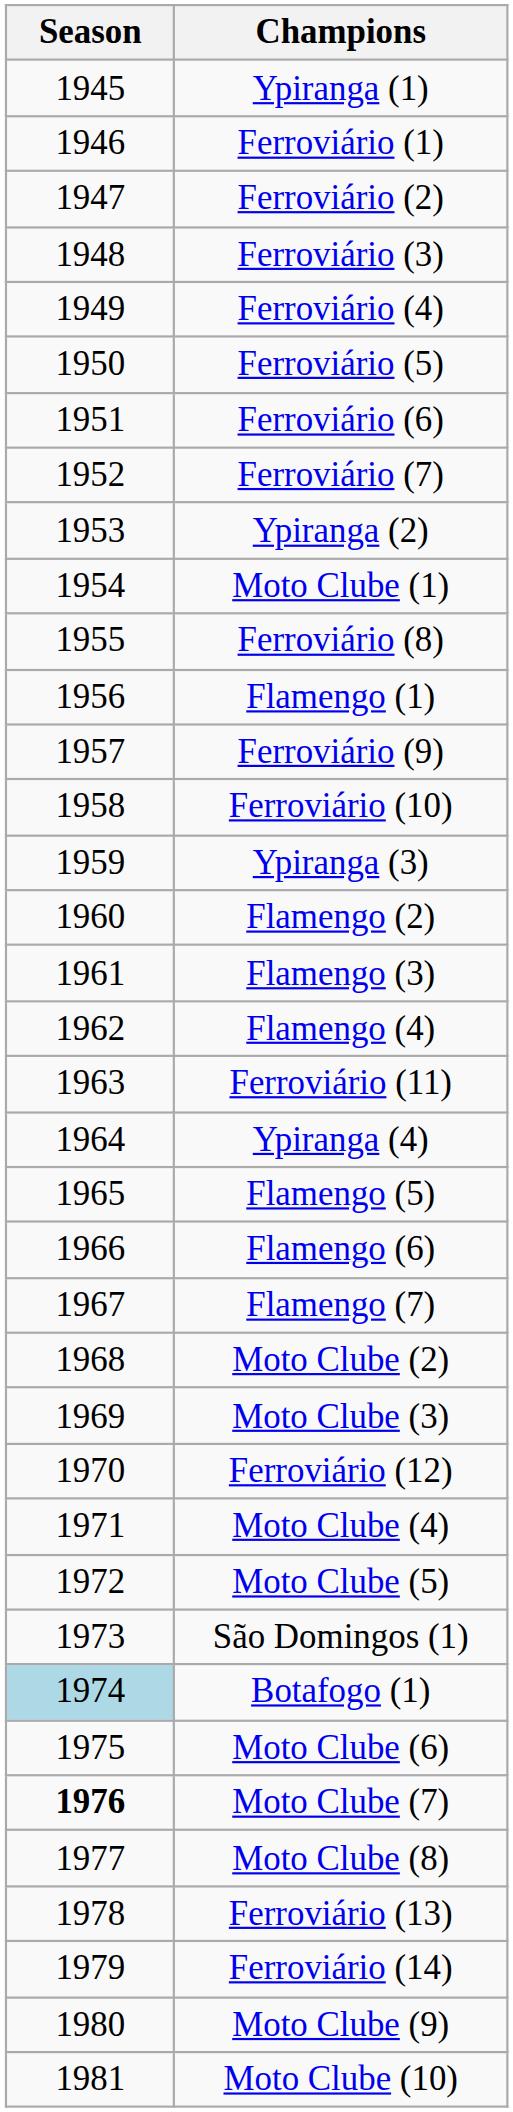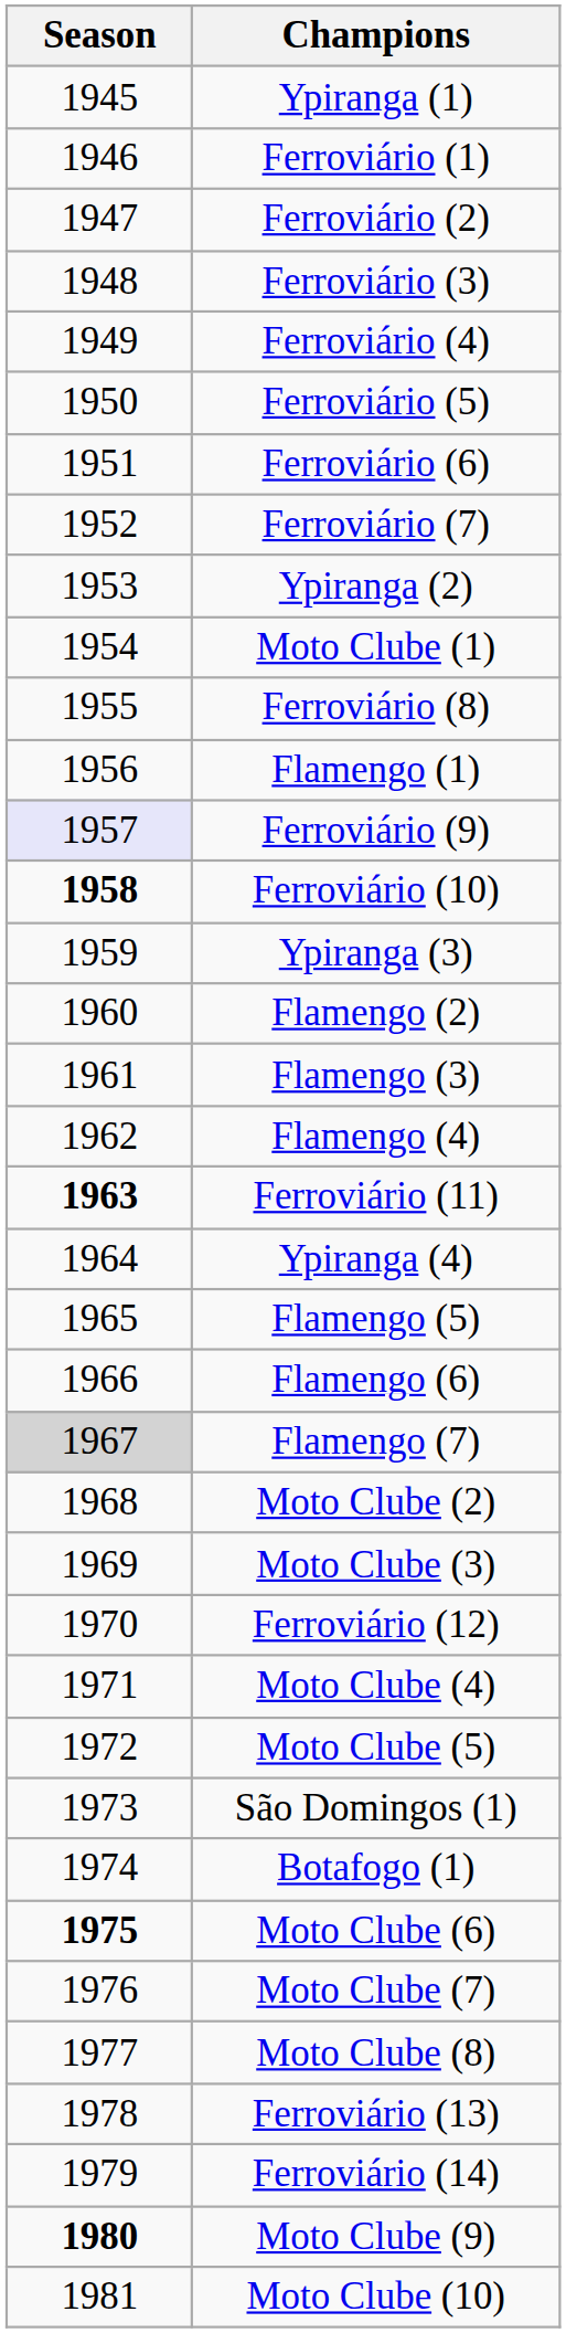 <table class="wikitable" style="text-align:center; margin-left:1em;">
 <tr>
 <th style="width:70px">Season</th>
 <th style="width:145px">Champions</th>
 </tr>
 <tr>
 <td>1945</td>
 <td><a href='#'>Ypiranga</a> (1)</td>
 </tr>
 <tr>
 <td>1946</td>
 <td><a href='#'>Ferroviário</a> (1)</td>
 </tr>
 <tr>
 <td>1947</td>
 <td><a href='#'>Ferroviário</a> (2)</td>
 </tr>
 <tr>
 <td>1948</td>
 <td><a href='#'>Ferroviário</a> (3)</td>
 </tr>
 <tr>
 <td>1949</td>
 <td><a href='#'>Ferroviário</a> (4)</td>
 </tr>
 <tr>
 <td>1950</td>
 <td><a href='#'>Ferroviário</a> (5)</td>
 </tr>
 <tr>
 <td>1951</td>
 <td><a href='#'>Ferroviário</a> (6)</td>
 </tr>
 <tr>
 <td>1952</td>
 <td><a href='#'>Ferroviário</a> (7)</td>
 </tr>
 <tr>
 <td>1953</td>
 <td><a href='#'>Ypiranga</a> (2)</td>
 </tr>
 <tr>
 <td>1954</td>
 <td><a href='#'>Moto Clube</a> (1)</td>
 </tr>
 <tr>
 <td>1955</td>
 <td><a href='#'>Ferroviário</a> (8)</td>
 </tr>
 <tr>
 <td>1956</td>
 <td><a href='#'>Flamengo</a> (1)</td>
 </tr>
 <tr>
-<td>1957</td>
+<td style="background: lavender;">1957</td>
 <td><a href='#'>Ferroviário</a> (9)</td>
 </tr>
 <tr>
-<td>1958</td>
+<td><strong>1958</strong></td>
 <td><a href='#'>Ferroviário</a> (10)</td>
 </tr>
 <tr>
 <td>1959</td>
 <td><a href='#'>Ypiranga</a> (3)</td>
 </tr>
 <tr>
 <td>1960</td>
 <td><a href='#'>Flamengo</a> (2)</td>
 </tr>
 <tr>
 <td>1961</td>
 <td><a href='#'>Flamengo</a> (3)</td>
 </tr>
 <tr>
 <td>1962</td>
 <td><a href='#'>Flamengo</a> (4)</td>
 </tr>
 <tr>
-<td>1963</td>
+<td><strong>1963</strong></td>
 <td><a href='#'>Ferroviário</a> (11)</td>
 </tr>
 <tr>
 <td>1964</td>
 <td><a href='#'>Ypiranga</a> (4)</td>
 </tr>
 <tr>
 <td>1965</td>
 <td><a href='#'>Flamengo</a> (5)</td>
 </tr>
 <tr>
 <td>1966</td>
 <td><a href='#'>Flamengo</a> (6)</td>
 </tr>
 <tr>
-<td>1967</td>
+<td style="background: lightgrey;">1967</td>
 <td><a href='#'>Flamengo</a> (7)</td>
 </tr>
 <tr>
 <td>1968</td>
 <td><a href='#'>Moto Clube</a> (2)</td>
 </tr>
 <tr>
 <td>1969</td>
 <td><a href='#'>Moto Clube</a> (3)</td>
 </tr>
 <tr>
 <td>1970</td>
 <td><a href='#'>Ferroviário</a> (12)</td>
 </tr>
 <tr>
 <td>1971</td>
 <td><a href='#'>Moto Clube</a> (4)</td>
 </tr>
 <tr>
 <td>1972</td>
 <td><a href='#'>Moto Clube</a> (5)</td>
 </tr>
 <tr>
 <td>1973</td>
 <td>São Domingos (1)</td>
 </tr>
 <tr>
-<td style="background: lightblue;">1974</td>
+<td>1974</td>
 <td><a href='#'>Botafogo</a> (1)</td>
 </tr>
 <tr>
-<td>1975</td>
+<td><strong>1975</strong></td>
 <td><a href='#'>Moto Clube</a> (6)</td>
 </tr>
 <tr>
-<td><strong>1976</strong></td>
+<td>1976</td>
 <td><a href='#'>Moto Clube</a> (7)</td>
 </tr>
 <tr>
 <td>1977</td>
 <td><a href='#'>Moto Clube</a> (8)</td>
 </tr>
 <tr>
 <td>1978</td>
 <td><a href='#'>Ferroviário</a> (13)</td>
 </tr>
 <tr>
 <td>1979</td>
 <td><a href='#'>Ferroviário</a> (14)</td>
 </tr>
 <tr>
-<td>1980</td>
+<td><strong>1980</strong></td>
 <td><a href='#'>Moto Clube</a> (9)</td>
 </tr>
 <tr>
 <td>1981</td>
 <td><a href='#'>Moto Clube</a> (10)</td>
 </tr>
 </table>
